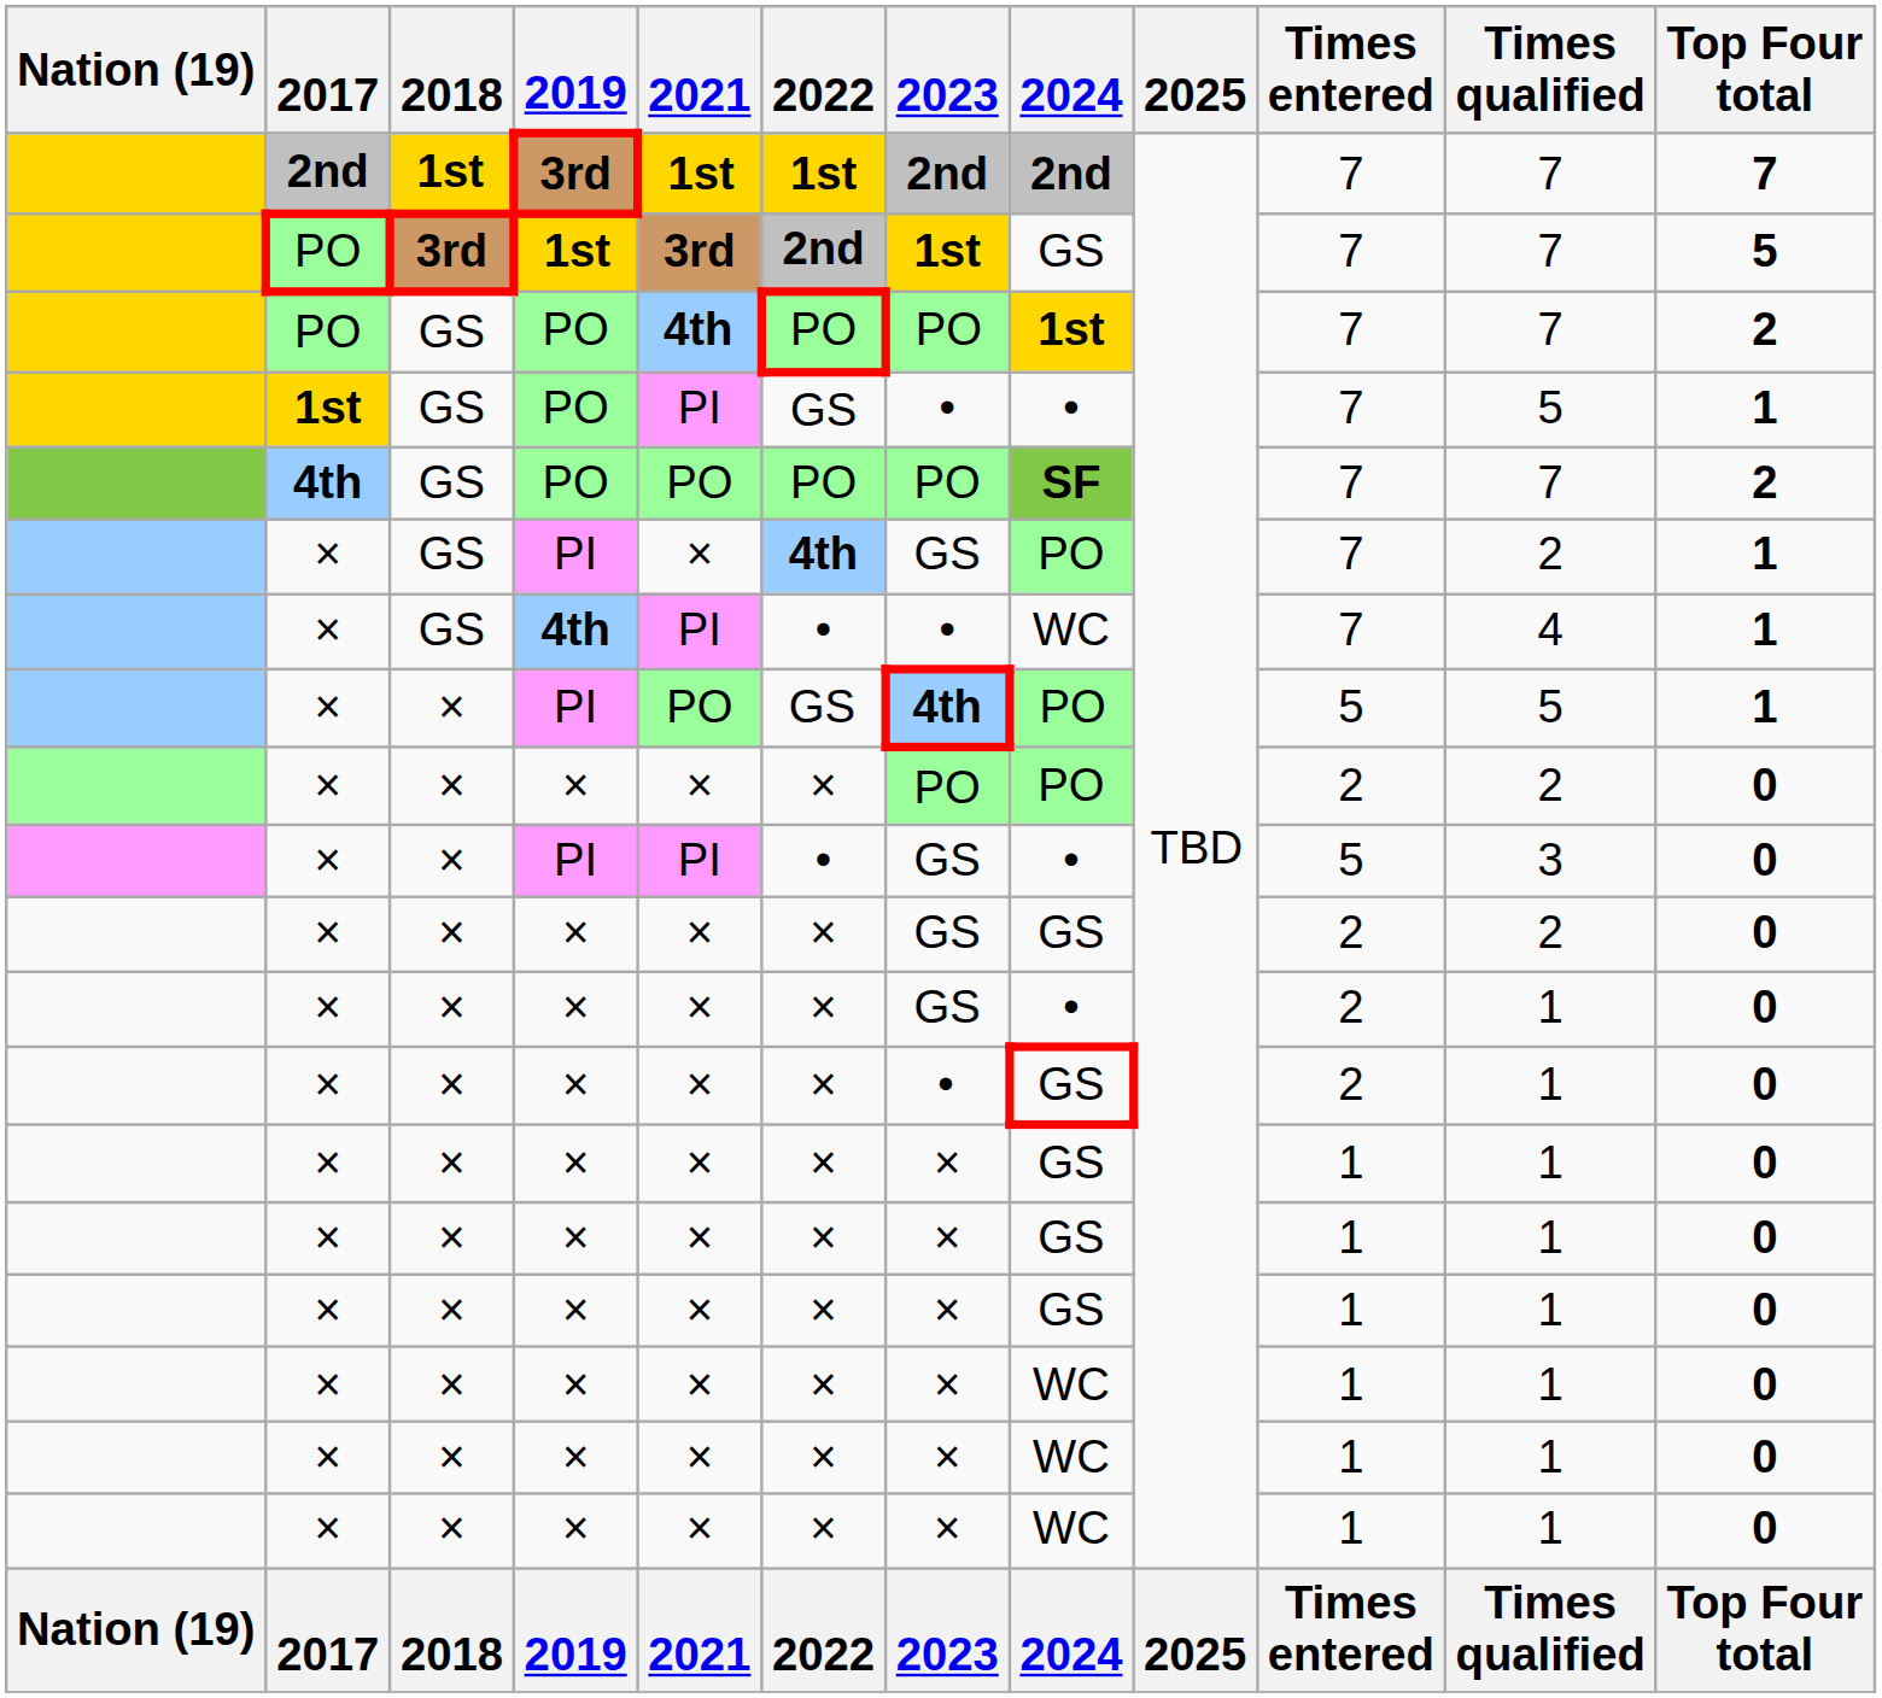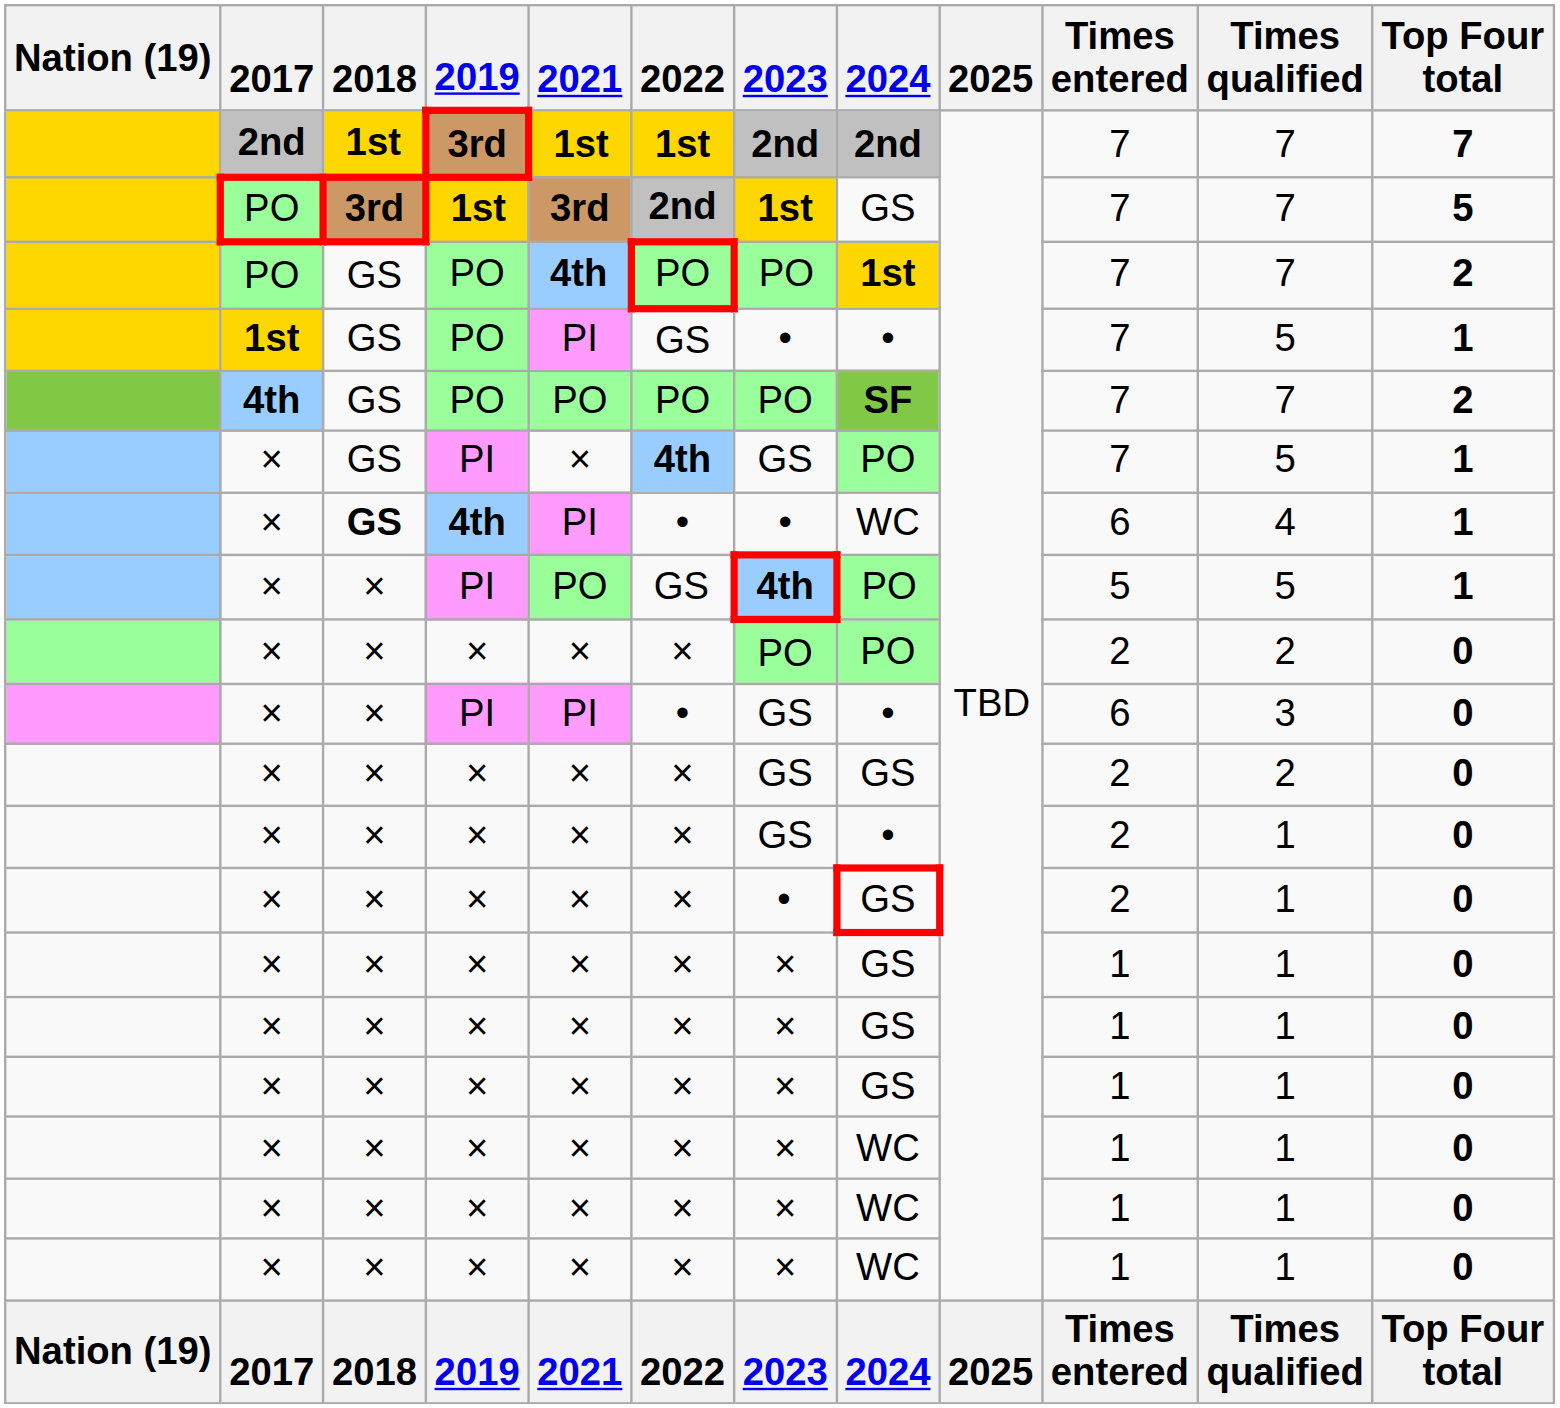 <table class="wikitable sortable" style="text-align: center">
 <tr>
 <th>Nation (19)</th>
 <th class="unsortable"><br>2017</th>
 <th class="unsortable"><br>2018</th>
 <th class="unsortable"><br><a href='#'>2019</a></th>
 <th class="unsortable"><br><a href='#'>2021</a></th>
 <th class="unsortable"><br>2022</th>
 <th class="unsortable"><br><a href='#'>2023</a></th>
 <th class="unsortable"><br><a href='#'>2024</a></th>
 <th><br>2025</th>
 <th>Times<br>entered</th>
 <th>Times<br>qualified</th>
 <th>Top Four<br>total</th>
 </tr>
 <tr>
 <td style="background:gold" align="left"></td>
 <td style="background:silver"><strong>2nd</strong></td>
 <td style="background:gold"><strong>1st</strong></td>
 <td style="border:3px solid red; background:#c96"><strong>3rd</strong></td>
 <td style="background:gold"><strong>1st</strong></td>
 <td style="background:gold"><strong>1st</strong></td>
 <td style="background:silver"><strong>2nd</strong></td>
 <td style="background:silver"><strong>2nd</strong></td>
 <td rowspan="19">TBD</td>
 <td>7</td>
 <td>7</td>
 <td><strong>7</strong></td>
 </tr>
 <tr>
 <td style="background:gold" align="left"></td>
 <td style="border:3px solid red; background:#9aff9a">PO</td>
 <td style="border:3px solid red; background:#c96"><strong>3rd</strong></td>
 <td style="background:gold"><strong>1st</strong></td>
 <td style="background:#c96"><strong>3rd</strong></td>
 <td style="background:silver"><strong>2nd</strong></td>
 <td style="background:gold"><strong>1st</strong></td>
 <td>GS</td>
 <td>7</td>
 <td>7</td>
 <td><strong>5</strong></td>
 </tr>
 <tr>
 <td style="background:gold" align="left"></td>
 <td style="background:#9aff9a">PO</td>
 <td>GS</td>
 <td style="background:#9aff9a">PO</td>
 <td style="background:#9acdff"><strong>4th</strong></td>
 <td style="border:3px solid red; background:#9aff9a">PO</td>
 <td style="background:#9aff9a">PO</td>
 <td style="background:gold"><strong>1st</strong></td>
 <td>7</td>
 <td>7</td>
 <td><strong>2</strong></td>
 </tr>
 <tr>
 <td style="background:gold" align="left"></td>
 <td style="background:gold"><strong>1st</strong></td>
 <td>GS</td>
 <td style="background:#9aff9a">PO</td>
 <td style="background:#ff9aff">PI</td>
 <td>GS</td>
 <td>•</td>
 <td>•</td>
 <td>7</td>
 <td>5</td>
 <td><strong>1</strong></td>
 </tr>
 <tr>
 <td style="background:#81c846" align="left"></td>
 <td style="background:#9acdff"><strong>4th</strong></td>
 <td>GS</td>
 <td style="background:#9aff9a">PO</td>
 <td style="background:#9aff9a">PO</td>
 <td style="background:#9aff9a">PO</td>
 <td style="background:#9aff9a">PO</td>
 <td style="background:#81c846"><strong>SF</strong></td>
 <td>7</td>
 <td>7</td>
 <td><strong>2</strong></td>
 </tr>
 <tr>
 <td style="background:#9acdff" align="left"></td>
 <td>×</td>
 <td>GS</td>
 <td style="background:#ff9aff">PI</td>
 <td>×</td>
 <td style="background:#9acdff"><strong>4th</strong></td>
 <td>GS</td>
 <td style="background:#9aff9a">PO</td>
 <td>7</td>
-<td>2</td>
+<td>5</td>
 <td><strong>1</strong></td>
 </tr>
 <tr>
 <td style="background:#9acdff" align="left"></td>
 <td>×</td>
-<td>GS</td>
+<td><strong>GS</strong></td>
 <td style="background:#9acdff"><strong>4th</strong></td>
 <td style="background:#ff9aff">PI</td>
 <td>•</td>
 <td>•</td>
 <td>WC</td>
-<td>7</td>
+<td>6</td>
 <td>4</td>
 <td><strong>1</strong></td>
 </tr>
 <tr>
 <td style="background:#9acdff" align="left"></td>
 <td>×</td>
 <td>×</td>
 <td style="background:#ff9aff">PI</td>
 <td style="background:#9aff9a">PO</td>
 <td>GS</td>
 <td style="border:3px solid red; background:#9acdff"><strong>4th</strong></td>
 <td style="background:#9aff9a">PO</td>
 <td>5</td>
 <td>5</td>
 <td><strong>1</strong></td>
 </tr>
 <tr>
 <td style="background:#9aff9a" align="left"></td>
 <td>×</td>
 <td>×</td>
 <td>×</td>
 <td>×</td>
 <td>×</td>
 <td style="background:#9aff9a">PO</td>
 <td style="background:#9aff9a">PO</td>
 <td>2</td>
 <td>2</td>
 <td><strong>0</strong></td>
 </tr>
 <tr>
 <td style="background:#ff9aff" align="left"></td>
 <td>×</td>
 <td>×</td>
 <td style="background:#ff9aff">PI</td>
 <td style="background:#ff9aff">PI</td>
 <td>•</td>
 <td>GS</td>
 <td>•</td>
-<td>5</td>
+<td>6</td>
 <td>3</td>
 <td><strong>0</strong></td>
 </tr>
 <tr>
 <td align="left"></td>
 <td>×</td>
 <td>×</td>
 <td>×</td>
 <td>×</td>
 <td>×</td>
 <td>GS</td>
 <td>GS</td>
 <td>2</td>
 <td>2</td>
 <td><strong>0</strong></td>
 </tr>
 <tr>
 <td align="left"></td>
 <td>×</td>
 <td>×</td>
 <td>×</td>
 <td>×</td>
 <td>×</td>
 <td>GS</td>
 <td>•</td>
 <td>2</td>
 <td>1</td>
 <td><strong>0</strong></td>
 </tr>
 <tr>
 <td align="left"></td>
 <td>×</td>
 <td>×</td>
 <td>×</td>
 <td>×</td>
 <td>×</td>
 <td>•</td>
 <td style="border:3px solid red">GS</td>
 <td>2</td>
 <td>1</td>
 <td><strong>0</strong></td>
 </tr>
 <tr>
 <td align="left"></td>
 <td>×</td>
 <td>×</td>
 <td>×</td>
 <td>×</td>
 <td>×</td>
 <td>×</td>
 <td>GS</td>
 <td>1</td>
 <td>1</td>
 <td><strong>0</strong></td>
 </tr>
 <tr>
 <td align="left"></td>
 <td>×</td>
 <td>×</td>
 <td>×</td>
 <td>×</td>
 <td>×</td>
 <td>×</td>
 <td>GS</td>
 <td>1</td>
 <td>1</td>
 <td><strong>0</strong></td>
 </tr>
 <tr>
 <td align="left"></td>
 <td>×</td>
 <td>×</td>
 <td>×</td>
 <td>×</td>
 <td>×</td>
 <td>×</td>
 <td>GS</td>
 <td>1</td>
 <td>1</td>
 <td><strong>0</strong></td>
 </tr>
 <tr>
 <td align="left"></td>
 <td>×</td>
 <td>×</td>
 <td>×</td>
 <td>×</td>
 <td>×</td>
 <td>×</td>
 <td>WC</td>
 <td>1</td>
 <td>1</td>
 <td><strong>0</strong></td>
 </tr>
 <tr>
 <td align="left"></td>
 <td>×</td>
 <td>×</td>
 <td>×</td>
 <td>×</td>
 <td>×</td>
 <td>×</td>
 <td>WC</td>
 <td>1</td>
 <td>1</td>
 <td><strong>0</strong></td>
 </tr>
 <tr>
 <td align="left"></td>
 <td>×</td>
 <td>×</td>
 <td>×</td>
 <td>×</td>
 <td>×</td>
 <td>×</td>
 <td>WC</td>
 <td>1</td>
 <td>1</td>
 <td><strong>0</strong></td>
 </tr>
 <tr>
 <th>Nation (19)</th>
 <th class="unsortable"><br>2017</th>
 <th class="unsortable"><br>2018</th>
 <th class="unsortable"><br><a href='#'>2019</a></th>
 <th class="unsortable"><br><a href='#'>2021</a></th>
 <th class="unsortable"><br>2022</th>
 <th class="unsortable"><br><a href='#'>2023</a></th>
 <th class="unsortable"><br><a href='#'>2024</a></th>
 <th><br>2025</th>
 <th>Times<br>entered</th>
 <th>Times<br>qualified</th>
 <th>Top Four<br>total</th>
 </tr>
 </table>
